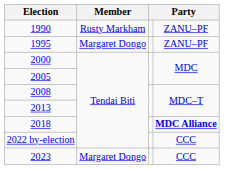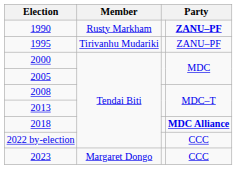 <table class="wikitable" style="text-align:center">
 <tr>
 <th>Election</th>
 <th>Member</th>
 <th colspan="2">Party</th>
 </tr>
 <tr>
 <td><a href='#'>1990</a></td>
 <td><a href='#'>Rusty Markham</a></td>
 <td style="background-color: "></td>
-<td><a href='#'>ZANU–PF</a></td>
+<td><strong><a href='#'>ZANU–PF</a></strong></td>
 </tr>
 <tr>
 <td><a href='#'>1995</a></td>
-<td><a href='#'>Margaret Dongo</a></td>
+<td><a href='#'>Tirivanhu Mudariki</a></td>
 <td style="background-color: "></td>
 <td><a href='#'>ZANU–PF</a></td>
 </tr>
 <tr>
 <td><a href='#'>2000</a></td>
 <td rowspan="6"><a href='#'>Tendai Biti</a></td>
 <td rowspan="2" style="background-color: "></td>
 <td rowspan="2"><a href='#'>MDC</a></td>
 </tr>
 <tr>
 <td><a href='#'>2005</a></td>
 </tr>
 <tr>
 <td><a href='#'>2008</a></td>
 <td rowspan="2" style="background-color: "></td>
 <td rowspan="2"><a href='#'>MDC–T</a></td>
 </tr>
 <tr>
 <td><a href='#'>2013</a></td>
 </tr>
 <tr>
 <td><a href='#'>2018</a></td>
 <td style="background-color: "></td>
 <td><strong><a href='#'>MDC Alliance</a></strong></td>
 </tr>
 <tr>
 <td><a href='#'>2022 by-election</a></td>
 <td style="background-color: "></td>
 <td><a href='#'>CCC</a></td>
 </tr>
 <tr>
 <td><a href='#'>2023</a></td>
 <td><a href='#'>Margaret Dongo</a></td>
 <td style="background-color: "></td>
 <td><a href='#'>CCC</a></td>
 </tr>
 </table>
